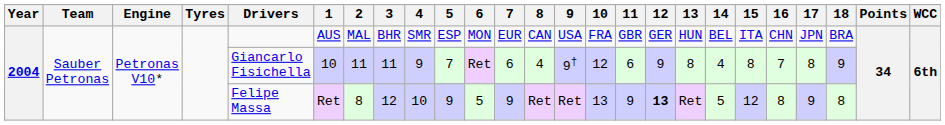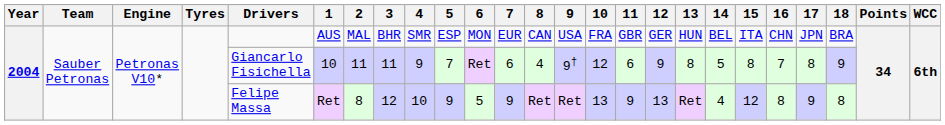 <table class="wikitable" style="text-align:center; font-size:95%">
 <tr>
 <th>Year</th>
 <th>Team</th>
 <th>Engine</th>
 <th>Tyres</th>
 <th>Drivers</th>
 <th>1</th>
 <th>2</th>
 <th>3</th>
 <th>4</th>
 <th>5</th>
 <th>6</th>
 <th>7</th>
 <th>8</th>
 <th>9</th>
 <th>10</th>
 <th>11</th>
 <th>12</th>
 <th>13</th>
 <th>14</th>
 <th>15</th>
 <th>16</th>
 <th>17</th>
 <th>18</th>
 <th>Points</th>
 <th>WCC</th>
 </tr>
 <tr>
 <th rowspan="3"><a href='#'>2004</a></th>
 <td rowspan="3"><a href='#'>Sauber</a> <a href='#'>Petronas</a></td>
 <td rowspan="3"><a href='#'>Petronas</a> <a href='#'>V10</a>*</td>
 <td rowspan="3"></td>
 <td></td>
 <td><a href='#'>AUS</a></td>
 <td><a href='#'>MAL</a></td>
 <td><a href='#'>BHR</a></td>
 <td><a href='#'>SMR</a></td>
 <td><a href='#'>ESP</a></td>
 <td><a href='#'>MON</a></td>
 <td><a href='#'>EUR</a></td>
 <td><a href='#'>CAN</a></td>
 <td><a href='#'>USA</a></td>
 <td><a href='#'>FRA</a></td>
 <td><a href='#'>GBR</a></td>
 <td><a href='#'>GER</a></td>
 <td><a href='#'>HUN</a></td>
 <td><a href='#'>BEL</a></td>
 <td><a href='#'>ITA</a></td>
 <td><a href='#'>CHN</a></td>
 <td><a href='#'>JPN</a></td>
 <td><a href='#'>BRA</a></td>
 <th rowspan="3">34</th>
 <th rowspan="3">6th</th>
 </tr>
 <tr>
 <td align="left"> <a href='#'>Giancarlo Fisichella</a></td>
 <td style="background:#CFCFFF;">10</td>
 <td style="background:#CFCFFF;">11</td>
 <td style="background:#CFCFFF;">11</td>
 <td style="background:#CFCFFF;">9</td>
 <td style="background:#DFFFDF;">7</td>
 <td style="background:#EFCFFF;">Ret</td>
 <td style="background:#DFFFDF;">6</td>
 <td style="background:#DFFFDF;">4</td>
 <td style="background:#CFCFFF;">9<sup>†</sup></td>
 <td style="background:#CFCFFF;">12</td>
 <td style="background:#DFFFDF;">6</td>
 <td style="background:#CFCFFF;">9</td>
 <td style="background:#DFFFDF;">8</td>
-<td style="background:#DFFFDF;">4</td>
+<td style="background:#DFFFDF;">5</td>
 <td style="background:#DFFFDF;">8</td>
 <td style="background:#DFFFDF;">7</td>
 <td style="background:#DFFFDF;">8</td>
 <td style="background:#CFCFFF;">9</td>
 </tr>
 <tr>
 <td align="left"> <a href='#'>Felipe Massa</a></td>
 <td style="background:#EFCFFF;">Ret</td>
 <td style="background:#DFFFDF;">8</td>
 <td style="background:#CFCFFF;">12</td>
 <td style="background:#CFCFFF;">10</td>
 <td style="background:#CFCFFF;">9</td>
 <td style="background:#DFFFDF;">5</td>
 <td style="background:#CFCFFF;">9</td>
 <td style="background:#EFCFFF;">Ret</td>
 <td style="background:#EFCFFF;">Ret</td>
 <td style="background:#CFCFFF;">13</td>
 <td style="background:#CFCFFF;">9</td>
-<td style="background:#CFCFFF;"><strong>13</strong></td>
+<td style="background:#CFCFFF;">13</td>
 <td style="background:#EFCFFF;">Ret</td>
-<td style="background:#DFFFDF;">5</td>
+<td style="background:#DFFFDF;">4</td>
 <td style="background:#CFCFFF;">12</td>
 <td style="background:#DFFFDF;">8</td>
 <td style="background:#CFCFFF;">9</td>
 <td style="background:#DFFFDF;">8</td>
 </tr>
 </table>
